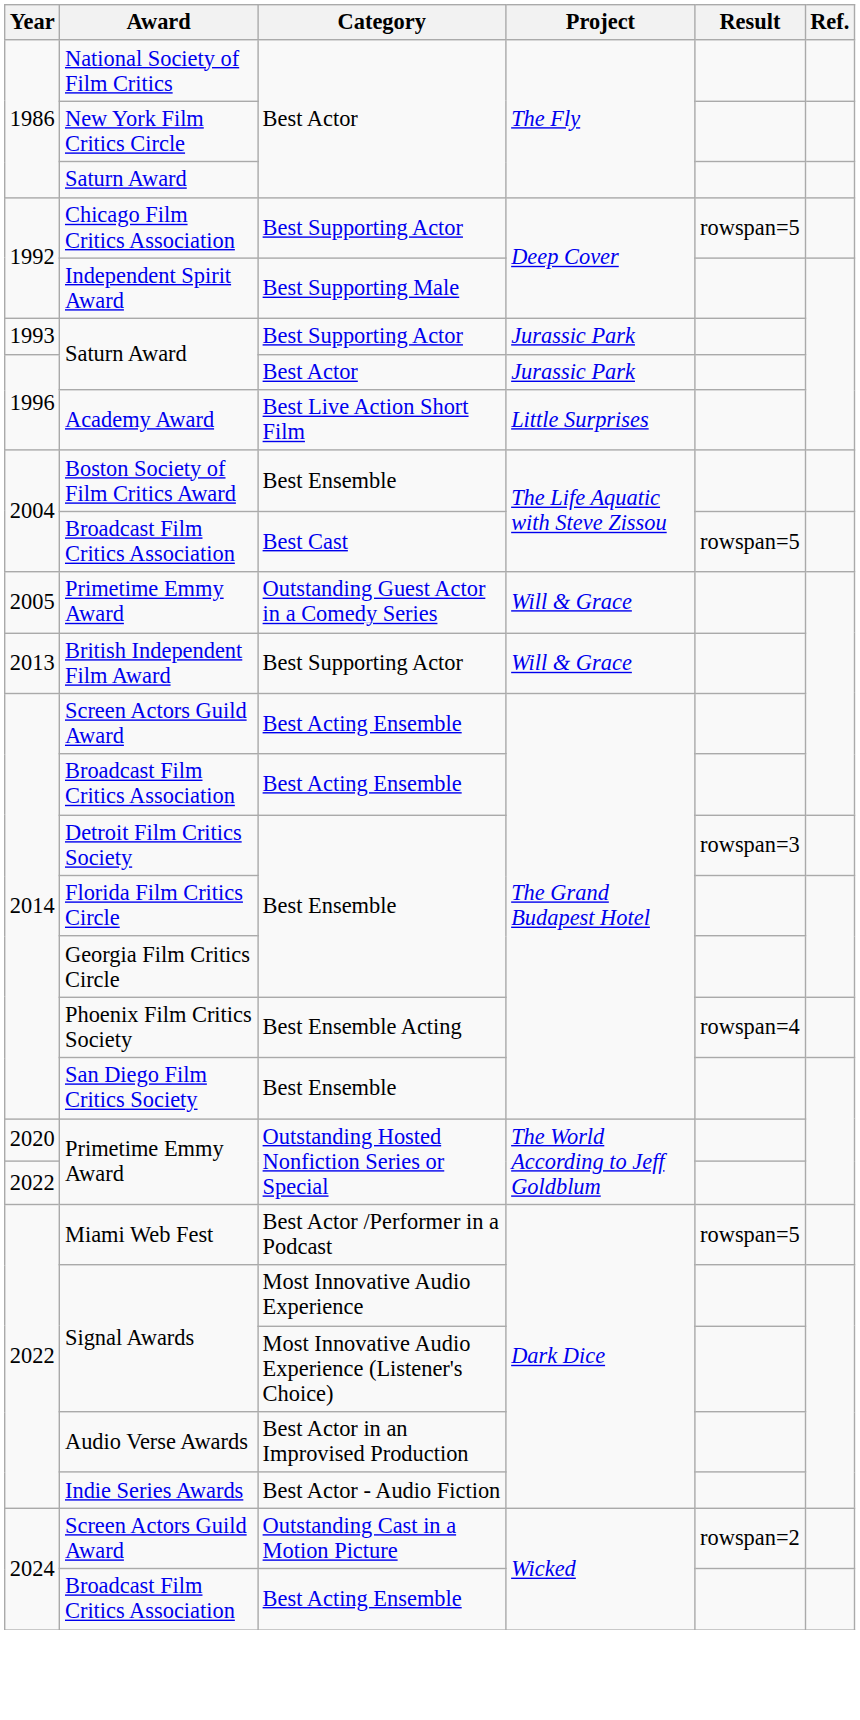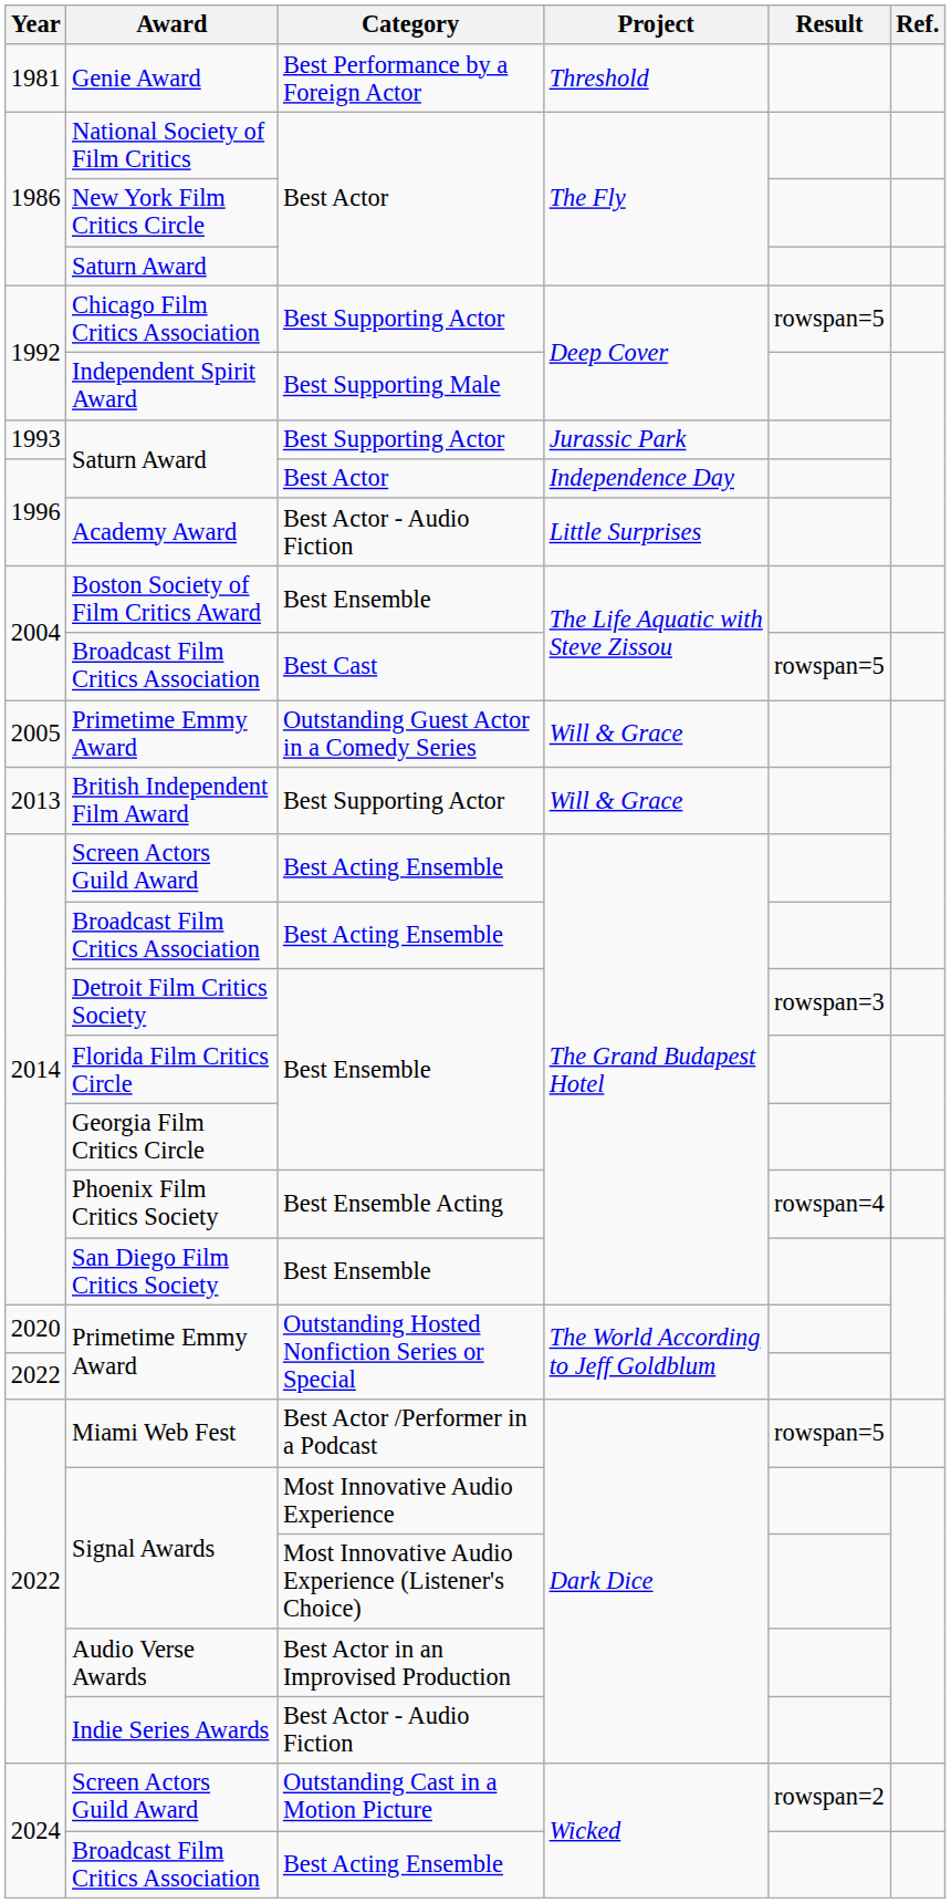 <table class="wikitable unsortable">
 <tr>
 <th>Year</th>
 <th>Award</th>
 <th>Category</th>
 <th>Project</th>
 <th>Result</th>
 <th>Ref.</th>
+</tr>
+<tr>
+<td>1981</td>
+<td><a href='#'>Genie Award</a></td>
+<td><a href='#'>Best Performance by a Foreign Actor</a></td>
+<td><em><a href='#'>Threshold</a></em></td>
+<td></td>
+<td></td>
 </tr>
 <tr>
 <td rowspan=3>1986</td>
 <td><a href='#'>National Society of Film Critics</a></td>
 <td rowspan=3>Best Actor</td>
 <td rowspan=3><em><a href='#'>The Fly</a></em></td>
 <td></td>
 <td></td>
 </tr>
 <tr>
 <td><a href='#'>New York Film Critics Circle</a></td>
 <td></td>
 <td></td>
 </tr>
 <tr>
 <td><a href='#'>Saturn Award</a></td>
 <td></td>
 <td></td>
 </tr>
 <tr>
 <td rowspan=2>1992</td>
 <td><a href='#'>Chicago Film Critics Association</a></td>
 <td><a href='#'>Best Supporting Actor</a></td>
 <td rowspan=2><em><a href='#'>Deep Cover</a></em></td>
 <td>rowspan=5 </td>
 <td></td>
 </tr>
 <tr>
 <td><a href='#'>Independent Spirit Award</a></td>
 <td><a href='#'>Best Supporting Male</a></td>
 <td></td>
 </tr>
 <tr>
 <td>1993</td>
 <td rowspan=2>Saturn Award</td>
 <td><a href='#'>Best Supporting Actor</a></td>
 <td><em><a href='#'>Jurassic Park</a></em></td>
 <td></td>
 </tr>
 <tr>
 <td rowspan=2>1996</td>
 <td><a href='#'>Best Actor</a></td>
-<td><em><a href='#'>Jurassic Park</a></em></td>
+<td><em><a href='#'>Independence Day</a></em></td>
 <td></td>
 </tr>
 <tr>
 <td><a href='#'>Academy Award</a></td>
-<td><a href='#'>Best Live Action Short Film</a></td>
+<td>Best Actor - Audio Fiction</td>
 <td><em><a href='#'>Little Surprises</a></em></td>
 <td></td>
 </tr>
 <tr>
 <td rowspan=2>2004</td>
 <td><a href='#'>Boston Society of Film Critics Award</a></td>
 <td>Best Ensemble</td>
 <td rowspan=2><em><a href='#'>The Life Aquatic with Steve Zissou</a></em></td>
 <td></td>
 <td></td>
 </tr>
 <tr>
 <td><a href='#'>Broadcast Film Critics Association</a></td>
 <td><a href='#'>Best Cast</a></td>
 <td>rowspan=5  </td>
 <td></td>
 </tr>
 <tr>
 <td>2005</td>
 <td><a href='#'>Primetime Emmy Award</a></td>
 <td><a href='#'>Outstanding Guest Actor in a Comedy Series</a></td>
 <td><em><a href='#'>Will & Grace</a></em></td>
 <td></td>
 </tr>
 <tr>
 <td>2013</td>
 <td><a href='#'>British Independent Film Award</a></td>
 <td>Best Supporting Actor</td>
 <td><em><a href='#'>Will & Grace</a></em></td>
 <td></td>
 </tr>
 <tr>
 <td rowspan=7>2014</td>
 <td><a href='#'>Screen Actors Guild Award</a></td>
 <td><a href='#'>Best Acting Ensemble</a></td>
 <td rowspan=7><em><a href='#'>The Grand Budapest Hotel</a></em></td>
 <td></td>
 </tr>
 <tr>
 <td><a href='#'>Broadcast Film Critics Association</a></td>
 <td><a href='#'>Best Acting Ensemble</a></td>
 <td></td>
 </tr>
 <tr>
 <td><a href='#'>Detroit Film Critics Society</a></td>
 <td rowspan=3>Best Ensemble</td>
 <td>rowspan=3 </td>
 <td></td>
 </tr>
 <tr>
 <td><a href='#'>Florida Film Critics Circle</a></td>
 <td></td>
 </tr>
 <tr>
 <td>Georgia Film Critics Circle</td>
 <td></td>
 </tr>
 <tr>
 <td>Phoenix Film Critics Society</td>
 <td>Best Ensemble Acting</td>
 <td>rowspan=4 </td>
 <td></td>
 </tr>
 <tr>
 <td><a href='#'>San Diego Film Critics Society</a></td>
 <td>Best Ensemble</td>
 <td></td>
 </tr>
 <tr>
 <td>2020</td>
 <td rowspan=2>Primetime Emmy Award</td>
 <td rowspan=2><a href='#'>Outstanding Hosted Nonfiction Series or Special</a></td>
 <td rowspan=2><em><a href='#'>The World According to Jeff Goldblum</a></em></td>
 <td></td>
 </tr>
 <tr>
 <td>2022</td>
 <td></td>
 </tr>
 <tr>
 <td rowspan=5>2022</td>
 <td>Miami Web Fest</td>
 <td>Best Actor /Performer in a Podcast</td>
 <td rowspan=5><em><a href='#'>Dark Dice</a></em></td>
 <td>rowspan=5 </td>
 <td></td>
 </tr>
 <tr>
 <td rowspan=2>Signal Awards</td>
 <td>Most Innovative Audio Experience</td>
 <td></td>
 </tr>
 <tr>
 <td>Most Innovative Audio Experience (Listener's Choice)</td>
 <td></td>
 </tr>
 <tr>
 <td>Audio Verse Awards</td>
 <td>Best Actor in an Improvised Production</td>
 <td></td>
 </tr>
 <tr>
 <td><a href='#'>Indie Series Awards</a></td>
 <td>Best Actor - Audio Fiction</td>
 <td></td>
 </tr>
 <tr>
 <td rowspan=2>2024</td>
 <td><a href='#'>Screen Actors Guild Award</a></td>
 <td><a href='#'>Outstanding Cast in a Motion Picture</a></td>
 <td rowspan=2><em><a href='#'>Wicked</a></em></td>
 <td>rowspan=2 </td>
 <td></td>
 </tr>
 <tr>
 <td><a href='#'>Broadcast Film Critics Association</a></td>
 <td><a href='#'>Best Acting Ensemble</a></td>
 <td></td>
 </tr>
 </table>
